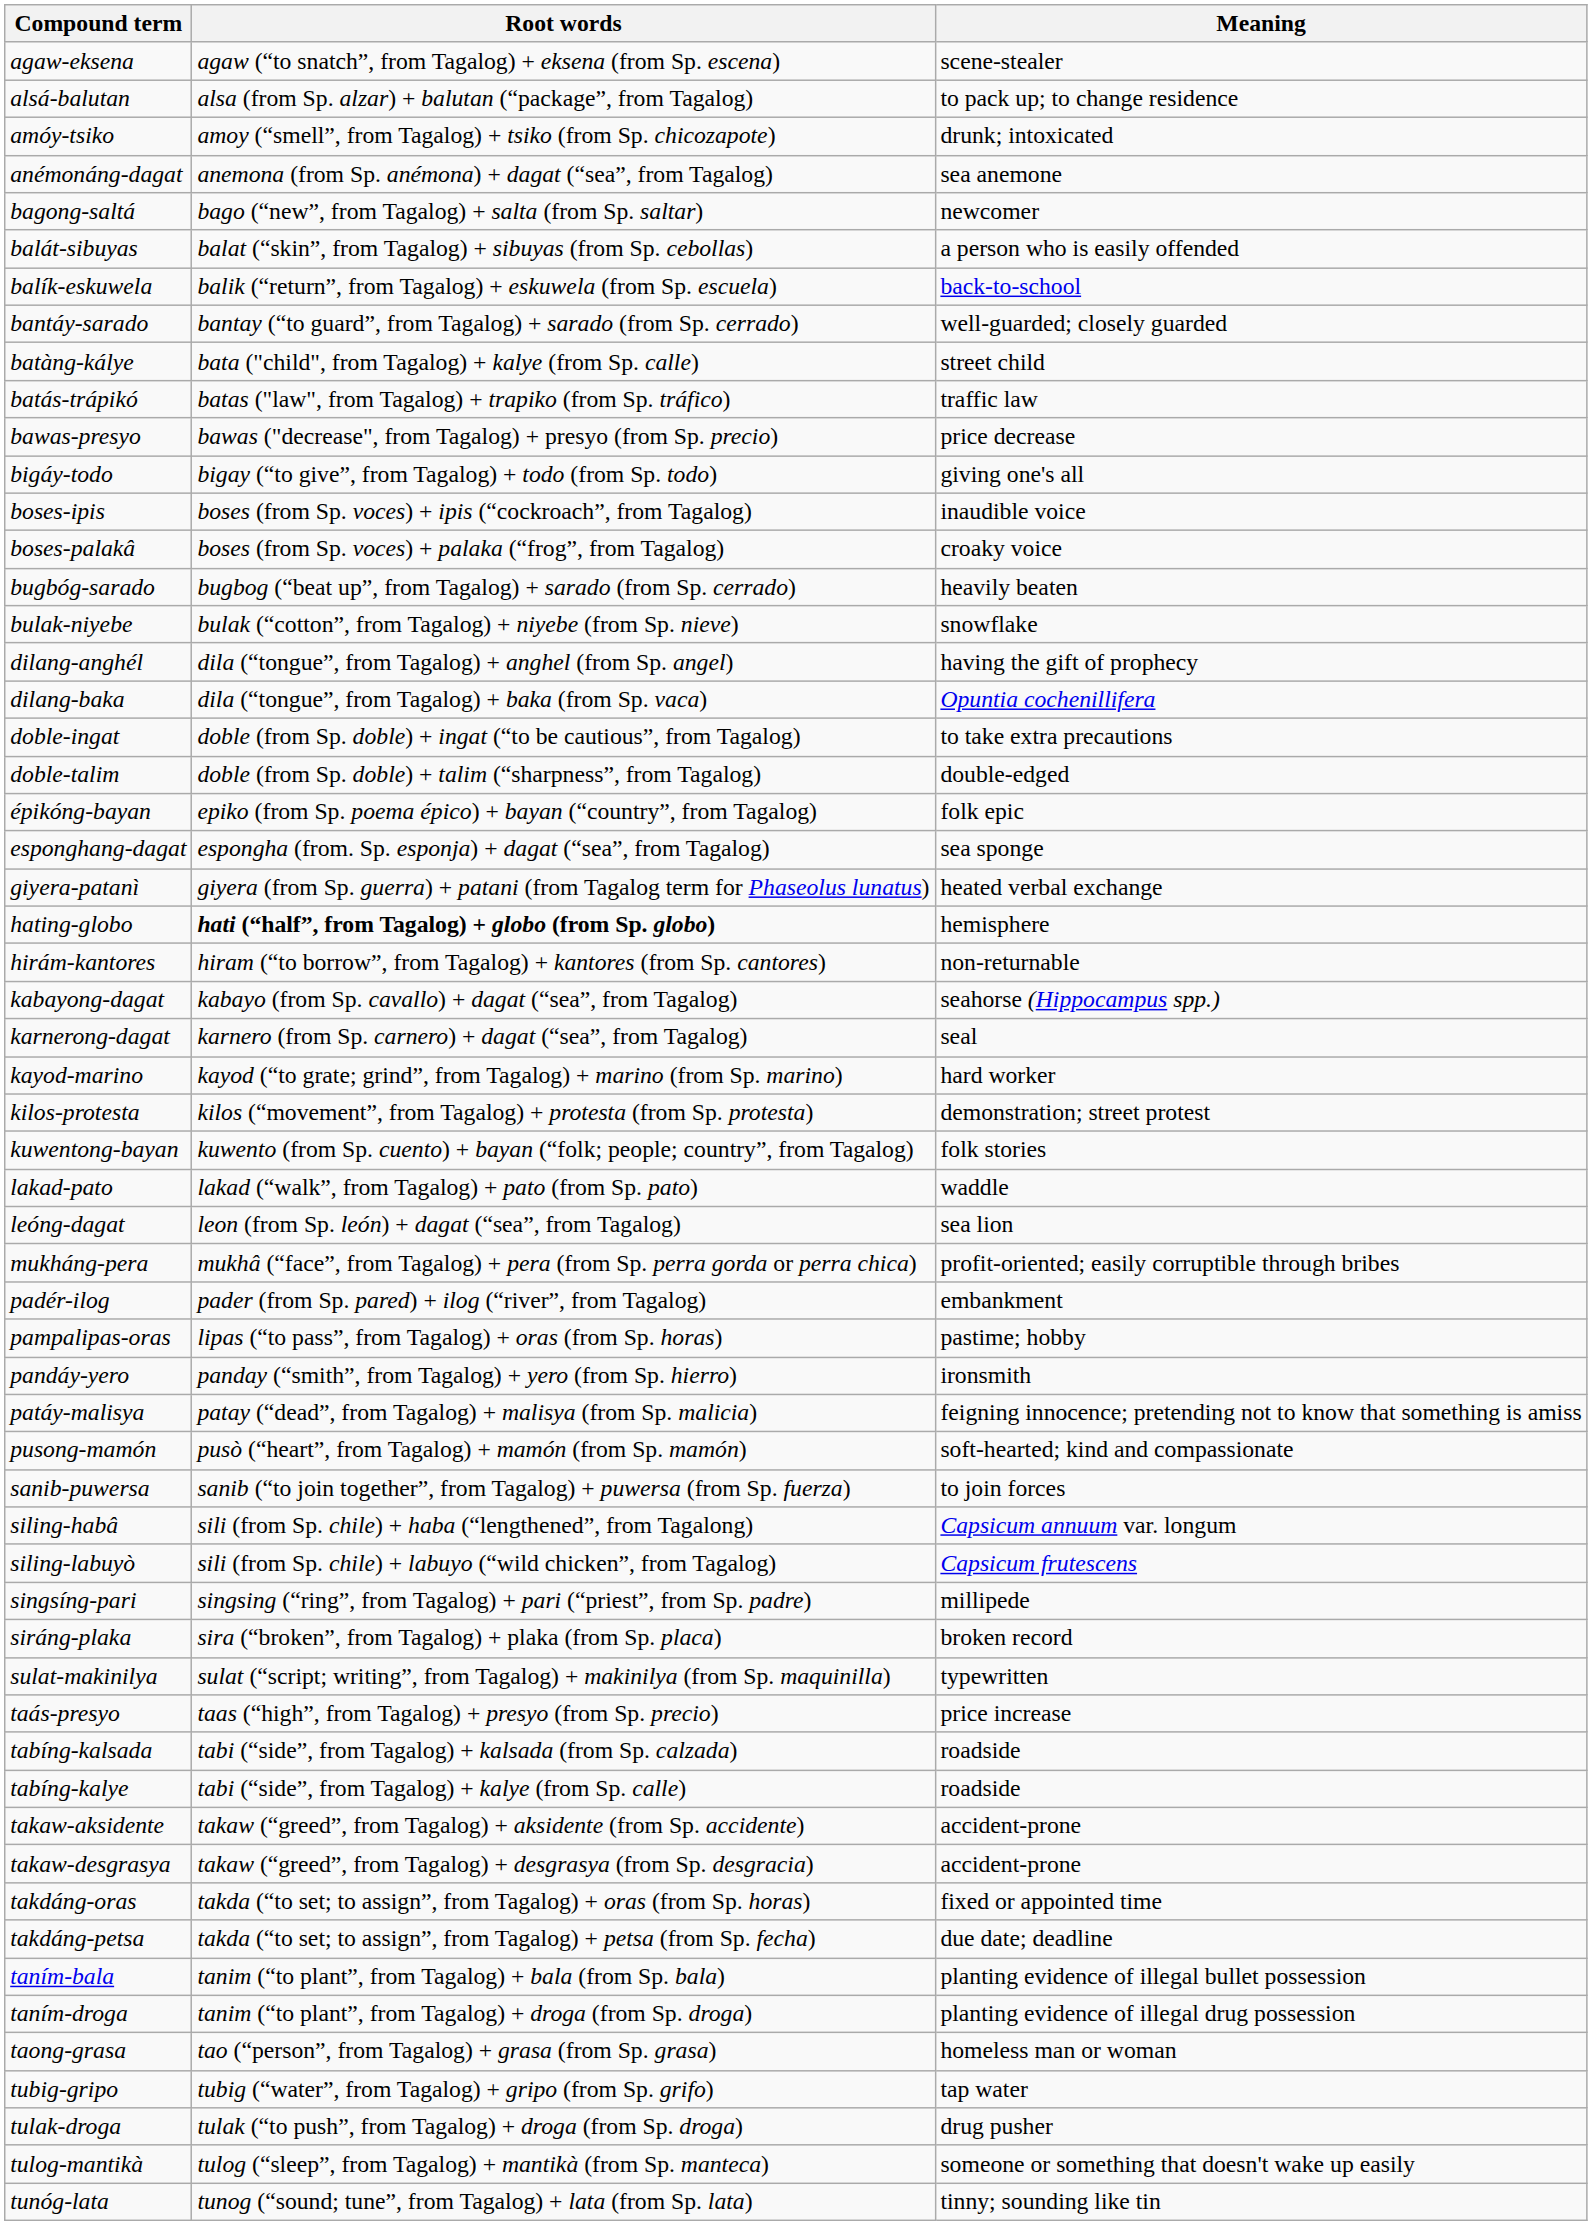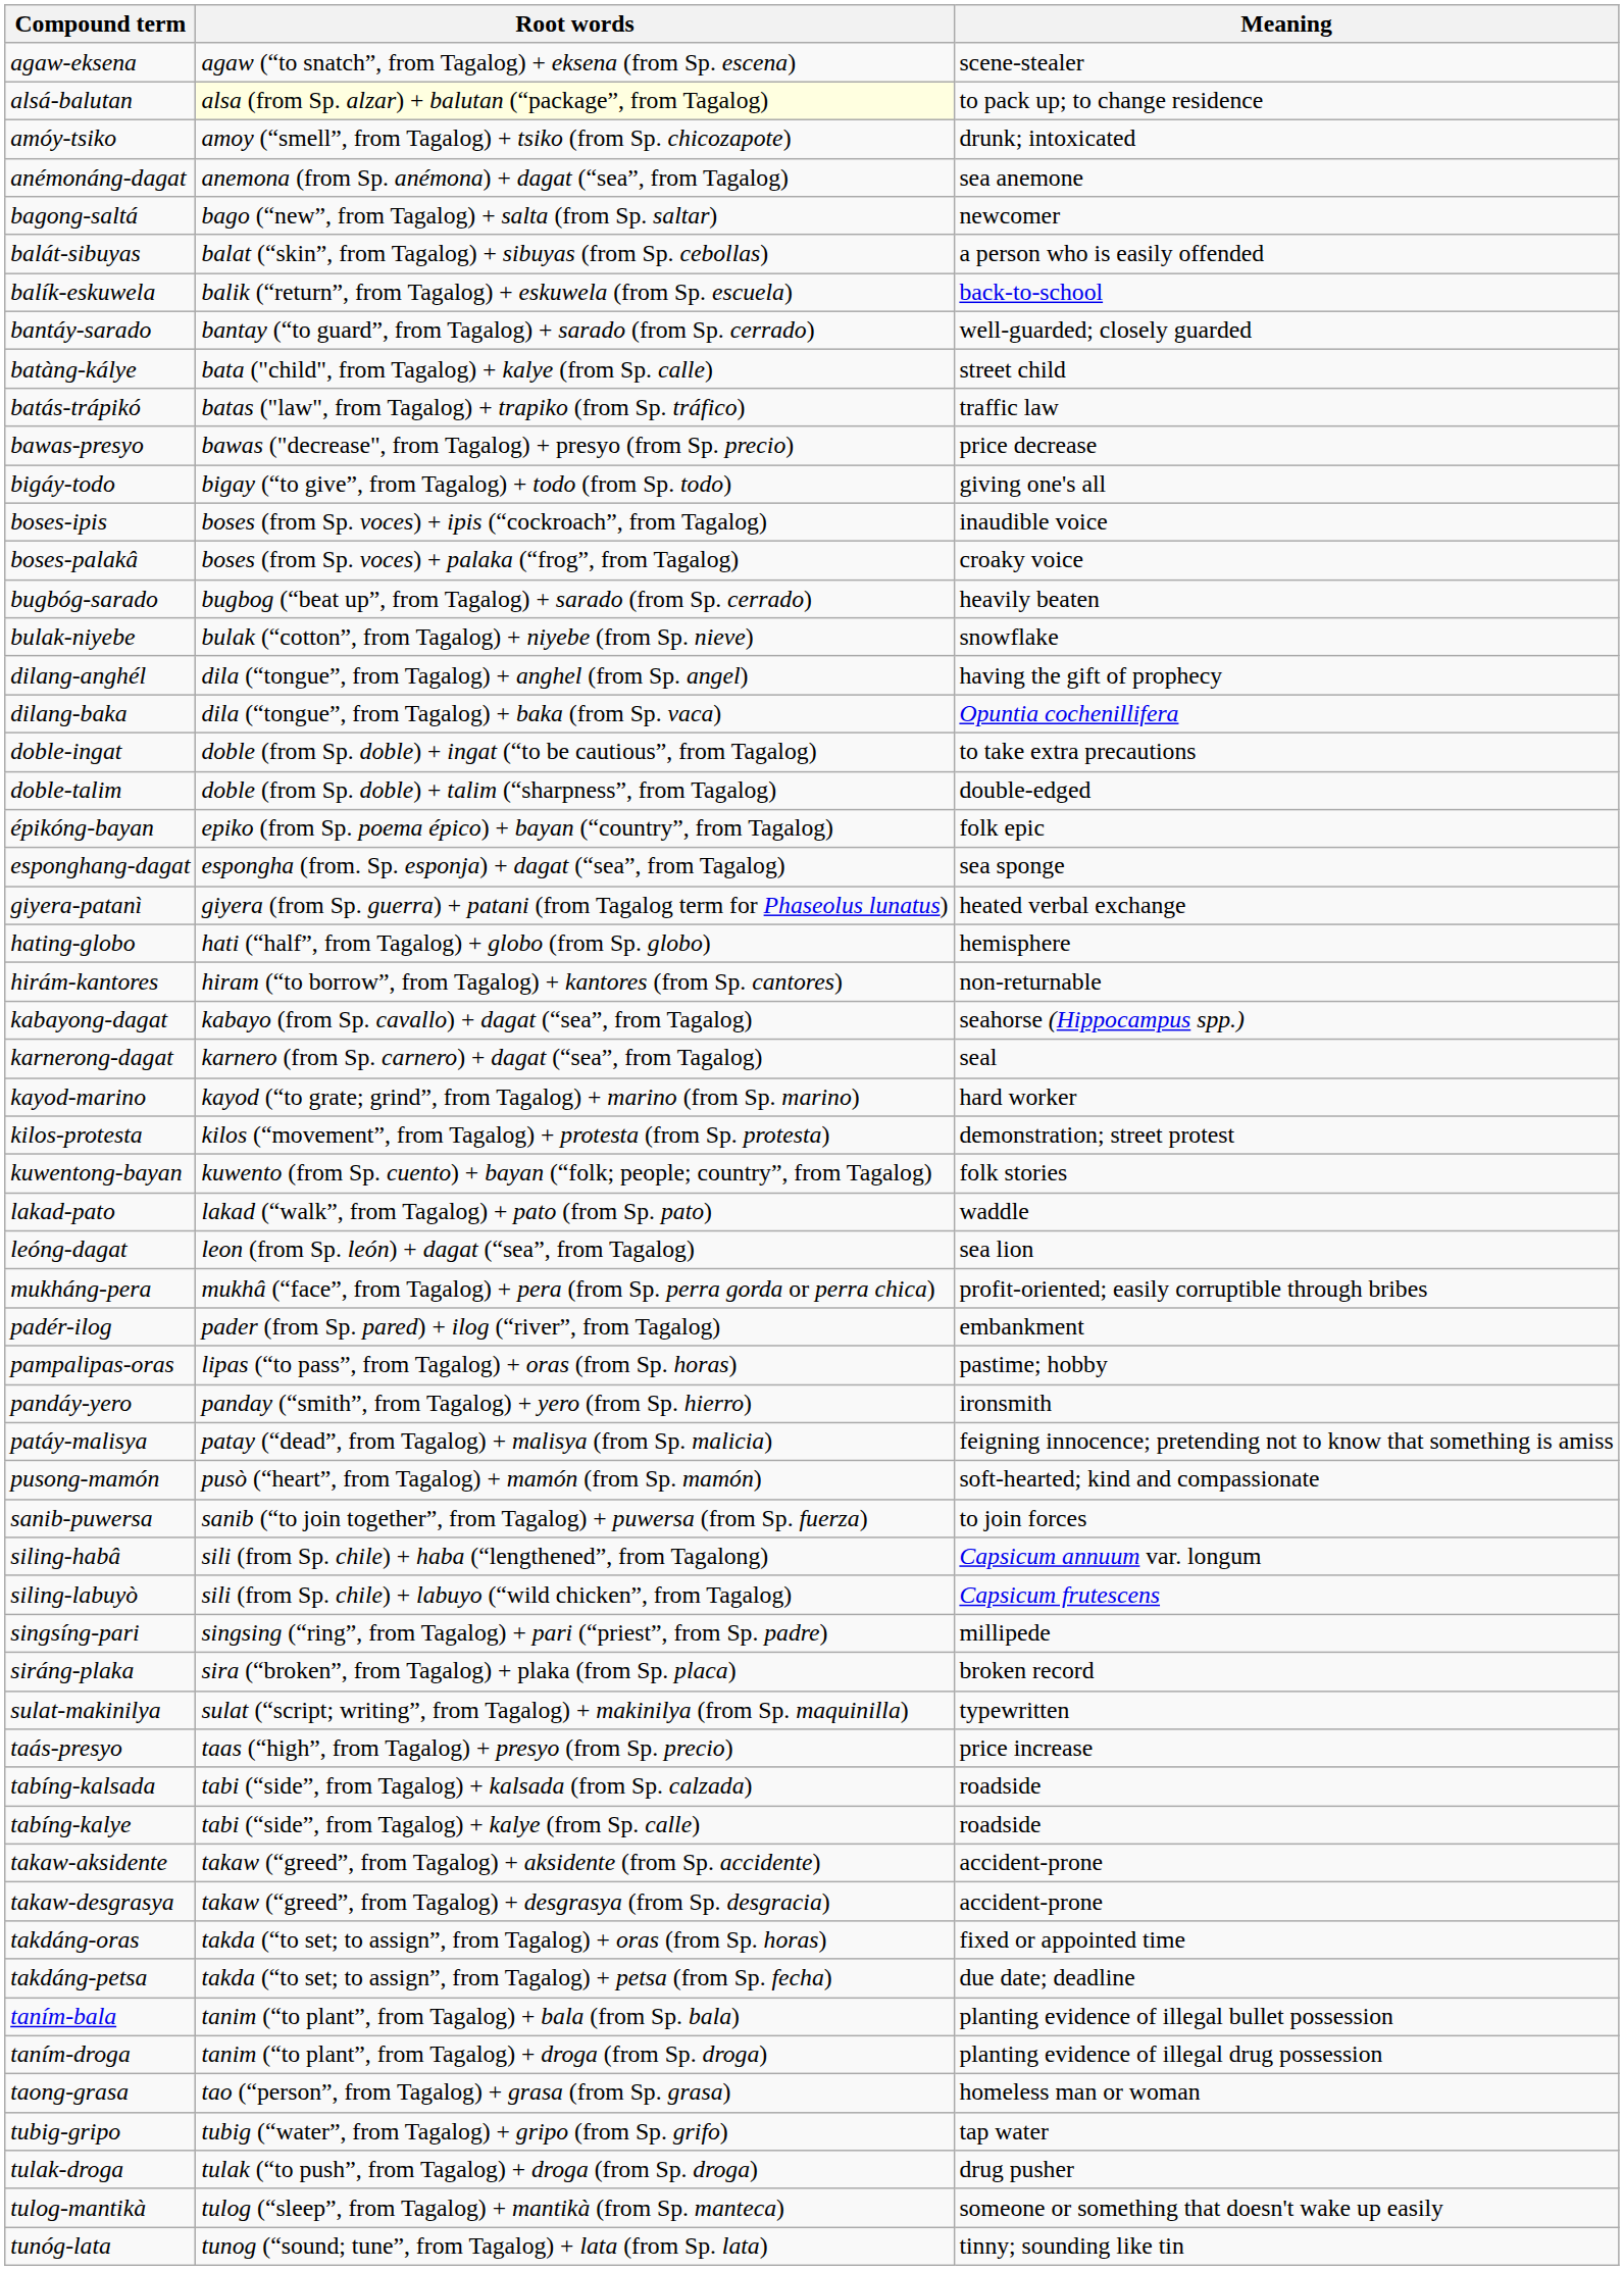 <table class="wikitable sortable">
 <tr>
 <th>Compound term</th>
 <th>Root words</th>
 <th>Meaning</th>
 </tr>
 <tr>
 <td><em>agaw-eksena</em></td>
 <td><em>agaw</em> (“to snatch”, from Tagalog) + <em>eksena</em> (from Sp. <em>escena</em>)</td>
 <td>scene-stealer</td>
 </tr>
 <tr>
 <td><em>alsá-balutan</em></td>
-<td><em>alsa</em> (from Sp. <em>alzar</em>) + <em>balutan</em> (“package”, from Tagalog)</td>
+<td style="background: lightyellow;"><em>alsa</em> (from Sp. <em>alzar</em>) + <em>balutan</em> (“package”, from Tagalog)</td>
 <td>to pack up; to change residence</td>
 </tr>
 <tr>
 <td><em>amóy-tsiko</em></td>
 <td><em>amoy</em> (“smell”, from Tagalog) + <em>tsiko</em> (from Sp. <em>chicozapote</em>)</td>
 <td>drunk; intoxicated</td>
 </tr>
 <tr>
 <td><em>anémonáng-dagat</em></td>
 <td><em>anemona</em> (from Sp. <em>anémona</em>) + <em>dagat</em> (“sea”, from Tagalog)</td>
 <td>sea anemone</td>
 </tr>
 <tr>
 <td><em>bagong-saltá</em></td>
 <td><em>bago</em> (“new”, from Tagalog) + <em>salta</em> (from Sp. <em>saltar</em>)</td>
 <td>newcomer</td>
 </tr>
 <tr>
 <td><em>balát-sibuyas</em></td>
 <td><em>balat</em> (“skin”, from Tagalog) + <em>sibuyas</em> (from Sp. <em>cebollas</em>)</td>
 <td>a person who is easily offended</td>
 </tr>
 <tr>
 <td><em>balík-eskuwela</em></td>
 <td><em>balik</em> (“return”, from Tagalog) + <em>eskuwela</em> (from Sp. <em>escuela</em>)</td>
 <td><a href='#'>back-to-school</a></td>
 </tr>
 <tr>
 <td><em>bantáy-sarado</em></td>
 <td><em>bantay</em> (“to guard”, from Tagalog) + <em>sarado</em> (from Sp. <em>cerrado</em>)</td>
 <td>well-guarded; closely guarded</td>
 </tr>
 <tr>
 <td><em>batàng-kálye</em></td>
 <td><em>bata</em> ("child", from Tagalog) + <em>kalye</em> (from Sp. <em>calle</em>)</td>
 <td>street child</td>
 </tr>
 <tr>
 <td><em>batás-trápikó</em></td>
 <td><em>batas</em> ("law", from Tagalog) + <em>trapiko</em> (from Sp. <em>tráfico</em>)</td>
 <td>traffic law</td>
 </tr>
 <tr>
 <td><em>bawas-presyo</em></td>
 <td><em>bawas</em> ("decrease", from Tagalog) + presyo (from Sp. <em>precio</em>)</td>
 <td>price decrease</td>
 </tr>
 <tr>
 <td><em>bigáy-todo</em></td>
 <td><em>bigay</em> (“to give”, from Tagalog) + <em>todo</em> (from Sp. <em>todo</em>)</td>
 <td>giving one's all</td>
 </tr>
 <tr>
 <td><em>boses-ipis</em></td>
 <td><em>boses</em> (from Sp. <em>voces</em>) + <em>ipis</em> (“cockroach”, from Tagalog)</td>
 <td>inaudible voice</td>
 </tr>
 <tr>
 <td><em>boses-palakâ</em></td>
 <td><em>boses</em> (from Sp. <em>voces</em>) + <em>palaka</em> (“frog”, from Tagalog)</td>
 <td>croaky voice</td>
 </tr>
 <tr>
 <td><em>bugbóg-sarado</em></td>
 <td><em>bugbog</em> (“beat up”, from Tagalog) + <em>sarado</em> (from Sp. <em>cerrado</em>)</td>
 <td>heavily beaten</td>
 </tr>
 <tr>
 <td><em>bulak-niyebe</em></td>
 <td><em>bulak</em> (“cotton”, from Tagalog) + <em>niyebe</em> (from Sp. <em>nieve</em>)</td>
 <td>snowflake</td>
 </tr>
 <tr>
 <td><em>dilang-anghél</em></td>
 <td><em>dila</em> (“tongue”, from Tagalog) + <em>anghel</em> (from Sp. <em>angel</em>)</td>
 <td>having the gift of prophecy</td>
 </tr>
 <tr>
 <td><em>dilang-baka</em></td>
 <td><em>dila</em> (“tongue”, from Tagalog) + <em>baka</em> (from Sp. <em>vaca</em>)</td>
 <td><em><a href='#'>Opuntia cochenillifera</a></em></td>
 </tr>
 <tr>
 <td><em>doble-ingat</em></td>
 <td><em>doble</em> (from Sp. <em>doble</em>) + <em>ingat</em> (“to be cautious”, from Tagalog)</td>
 <td>to take extra precautions</td>
 </tr>
 <tr>
 <td><em>doble-talim</em></td>
 <td><em>doble</em> (from Sp. <em>doble</em>) + <em>talim</em> (“sharpness”, from Tagalog)</td>
 <td>double-edged</td>
 </tr>
 <tr>
 <td><em>épikóng-bayan</em></td>
 <td><em>epiko</em> (from Sp. <em>poema épico</em>) + <em>bayan</em> (“country”, from Tagalog)</td>
 <td>folk epic</td>
 </tr>
 <tr>
 <td><em>esponghang-dagat</em></td>
 <td><em>espongha</em> (from. Sp. <em>esponja</em>) + <em>dagat</em> (“sea”, from Tagalog)</td>
 <td>sea sponge</td>
 </tr>
 <tr>
 <td><em>giyera-patanì</em></td>
 <td><em>giyera</em> (from Sp. <em>guerra</em>) + <em>patani</em> (from Tagalog term for <em><a href='#'>Phaseolus lunatus</a></em>)</td>
 <td>heated verbal exchange</td>
 </tr>
 <tr>
 <td><em>hating-globo</em></td>
-<td><strong><em>hati</em> (“half”, from Tagalog) + <em>globo</em> (from Sp. <em>globo</em>)</strong></td>
+<td><em>hati</em> (“half”, from Tagalog) + <em>globo</em> (from Sp. <em>globo</em>)</td>
 <td>hemisphere</td>
 </tr>
 <tr>
 <td><em>hirám-kantores</em></td>
 <td><em>hiram</em> (“to borrow”, from Tagalog) + <em>kantores</em> (from Sp. <em>cantores</em>)</td>
 <td>non-returnable</td>
 </tr>
 <tr>
 <td><em>kabayong-dagat</em></td>
 <td><em>kabayo</em> (from Sp. <em>cavallo</em>) + <em>dagat</em> (“sea”, from Tagalog)</td>
 <td>seahorse <em>(<a href='#'>Hippocampus</a> spp.)</em></td>
 </tr>
 <tr>
 <td><em>karnerong-dagat</em></td>
 <td><em>karnero</em> (from Sp. <em>carnero</em>) + <em>dagat</em> (“sea”, from Tagalog)</td>
 <td>seal</td>
 </tr>
 <tr>
 <td><em>kayod-marino</em></td>
 <td><em>kayod</em> (“to grate; grind”, from Tagalog) + <em>marino</em> (from Sp. <em>marino</em>)</td>
 <td>hard worker</td>
 </tr>
 <tr>
 <td><em>kilos-protesta</em></td>
 <td><em>kilos</em> (“movement”, from Tagalog) + <em>protesta</em> (from Sp. <em>protesta</em>)</td>
 <td>demonstration; street protest</td>
 </tr>
 <tr>
 <td><em>kuwentong-bayan</em></td>
 <td><em>kuwento</em> (from Sp. <em>cuento</em>) + <em>bayan</em> (“folk; people; country”, from Tagalog)</td>
 <td>folk stories</td>
 </tr>
 <tr>
 <td><em>lakad-pato</em></td>
 <td><em>lakad</em> (“walk”, from Tagalog) + <em>pato</em> (from Sp. <em>pato</em>)</td>
 <td>waddle</td>
 </tr>
 <tr>
 <td><em>leóng-dagat</em></td>
 <td><em>leon</em> (from Sp. <em>león</em>) + <em>dagat</em> (“sea”, from Tagalog)</td>
 <td>sea lion</td>
 </tr>
 <tr>
 <td><em>mukháng-pera</em></td>
 <td><em>mukhâ</em> (“face”, from Tagalog) + <em>pera</em> (from Sp. <em>perra gorda</em> or <em>perra chica</em>)</td>
 <td>profit-oriented; easily corruptible through bribes</td>
 </tr>
 <tr>
 <td><em>padér-ilog</em></td>
 <td><em>pader</em> (from Sp. <em>pared</em>) + <em>ilog</em> (“river”, from Tagalog)</td>
 <td>embankment</td>
 </tr>
 <tr>
 <td><em>pampalipas-oras</em></td>
 <td><em>lipas</em> (“to pass”, from Tagalog) + <em>oras</em> (from Sp. <em>horas</em>)</td>
 <td>pastime; hobby</td>
 </tr>
 <tr>
 <td><em>pandáy-yero</em></td>
 <td><em>panday</em> (“smith”, from Tagalog) + <em>yero</em> (from Sp. <em>hierro</em>)</td>
 <td>ironsmith</td>
 </tr>
 <tr>
 <td><em>patáy-malisya</em></td>
 <td><em>patay</em> (“dead”, from Tagalog) + <em>malisya</em> (from Sp. <em>malicia</em>)</td>
 <td>feigning innocence; pretending not to know that something is amiss</td>
 </tr>
 <tr>
 <td><em>pusong-mamón</em></td>
 <td><em>pusò</em> (“heart”, from Tagalog) + <em>mamón</em> (from Sp. <em>mamón</em>)</td>
 <td>soft-hearted; kind and compassionate</td>
 </tr>
 <tr>
 <td><em>sanib-puwersa</em></td>
 <td><em>sanib</em> (“to join together”, from Tagalog) + <em>puwersa</em> (from Sp. <em>fuerza</em>)</td>
 <td>to join forces</td>
 </tr>
 <tr>
 <td><em>siling-habâ</em></td>
 <td><em>sili</em> (from Sp. <em>chile</em>) + <em>haba</em> (“lengthened”, from Tagalong)</td>
 <td><em><a href='#'>Capsicum annuum</a></em> var. longum</td>
 </tr>
 <tr>
 <td><em>siling-labuyò</em></td>
 <td><em>sili</em> (from Sp. <em>chile</em>) + <em>labuyo</em> (“wild chicken”, from Tagalog)</td>
 <td><em><a href='#'>Capsicum frutescens</a></em></td>
 </tr>
 <tr>
 <td><em>singsíng-pari</em></td>
 <td><em>singsing</em> (“ring”, from Tagalog) + <em>pari</em> (“priest”, from Sp. <em>padre</em>)</td>
 <td>millipede</td>
 </tr>
 <tr>
 <td><em>siráng-plaka</em></td>
 <td><em>sira</em> (“broken”, from Tagalog) + plaka (from Sp. <em>placa</em>)</td>
 <td>broken record</td>
 </tr>
 <tr>
 <td><em>sulat-makinilya</em></td>
 <td><em>sulat</em> (“script; writing”, from Tagalog) + <em>makinilya</em> (from Sp. <em>maquinilla</em>)</td>
 <td>typewritten</td>
 </tr>
 <tr>
 <td><em>taás-presyo</em></td>
 <td><em>taas</em> (“high”, from Tagalog) + <em>presyo</em> (from Sp. <em>precio</em>)</td>
 <td>price increase</td>
 </tr>
 <tr>
 <td><em>tabíng-kalsada</em></td>
 <td><em>tabi</em> (“side”, from Tagalog) + <em>kalsada</em> (from Sp. <em>calzada</em>)</td>
 <td>roadside</td>
 </tr>
 <tr>
 <td><em>tabíng-kalye</em></td>
 <td><em>tabi</em> (“side”, from Tagalog) + <em>kalye</em> (from Sp. <em>calle</em>)</td>
 <td>roadside</td>
 </tr>
 <tr>
 <td><em>takaw-aksidente</em></td>
 <td><em>takaw</em> (“greed”, from Tagalog) + <em>aksidente</em> (from Sp. <em>accidente</em>)</td>
 <td>accident-prone</td>
 </tr>
 <tr>
 <td><em>takaw-desgrasya</em></td>
 <td><em>takaw</em> (“greed”, from Tagalog) + <em>desgrasya</em> (from Sp. <em>desgracia</em>)</td>
 <td>accident-prone</td>
 </tr>
 <tr>
 <td><em>takdáng-oras</em></td>
 <td><em>takda</em> (“to set; to assign”, from Tagalog) + <em>oras</em> (from Sp. <em>horas</em>)</td>
 <td>fixed or appointed time</td>
 </tr>
 <tr>
 <td><em>takdáng-petsa</em></td>
 <td><em>takda</em> (“to set; to assign”, from Tagalog) + <em>petsa</em> (from Sp. <em>fecha</em>)</td>
 <td>due date; deadline</td>
 </tr>
 <tr>
 <td><em><a href='#'>taním-bala</a></em></td>
 <td><em>tanim</em> (“to plant”, from Tagalog) + <em>bala</em> (from Sp. <em>bala</em>)</td>
 <td>planting evidence of illegal bullet possession</td>
 </tr>
 <tr>
 <td><em>taním-droga</em></td>
 <td><em>tanim</em> (“to plant”, from Tagalog) + <em>droga</em> (from Sp. <em>droga</em>)</td>
 <td>planting evidence of illegal drug possession</td>
 </tr>
 <tr>
 <td><em>taong-grasa</em></td>
 <td><em>tao</em> (“person”, from Tagalog) + <em>grasa</em> (from Sp. <em>grasa</em>)</td>
 <td>homeless man or woman</td>
 </tr>
 <tr>
 <td><em>tubig-gripo</em></td>
 <td><em>tubig</em> (“water”, from Tagalog) + <em>gripo</em> (from Sp. <em>grifo</em>)</td>
 <td>tap water</td>
 </tr>
 <tr>
 <td><em>tulak-droga</em></td>
 <td><em>tulak</em> (“to push”, from Tagalog) + <em>droga</em> (from Sp. <em>droga</em>)</td>
 <td>drug pusher</td>
 </tr>
 <tr>
 <td><em>tulog-mantikà</em></td>
 <td><em>tulog</em> (“sleep”, from Tagalog) + <em>mantikà</em> (from Sp. <em>manteca</em>)</td>
 <td>someone or something that doesn't wake up easily</td>
 </tr>
 <tr>
 <td><em>tunóg-lata</em></td>
 <td><em>tunog</em> (“sound; tune”, from Tagalog) + <em>lata</em> (from Sp. <em>lata</em>)</td>
 <td>tinny; sounding like tin</td>
 </tr>
 </table>
